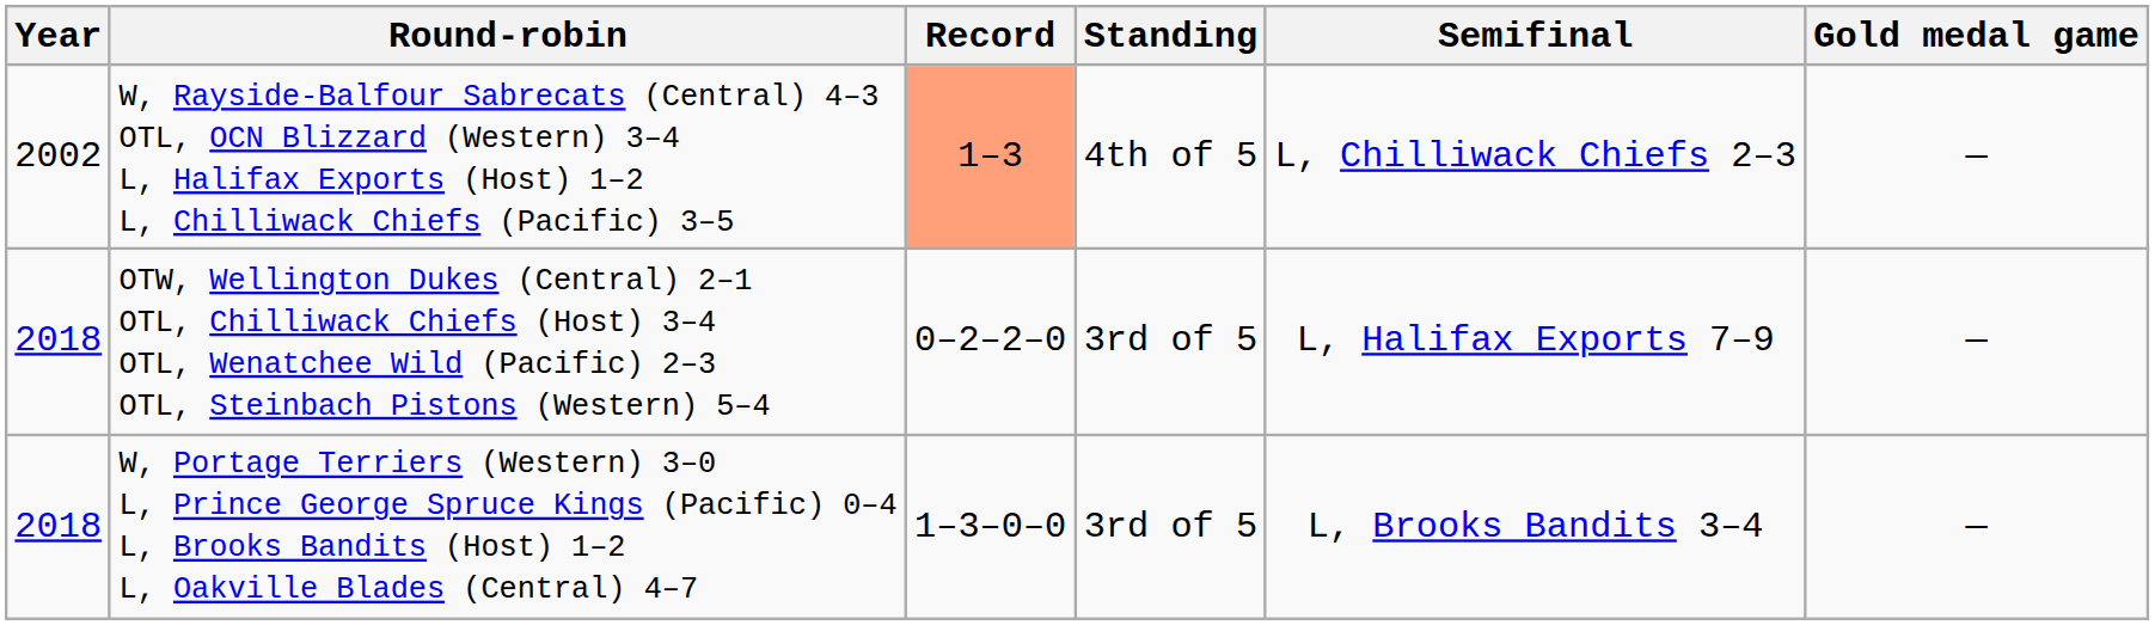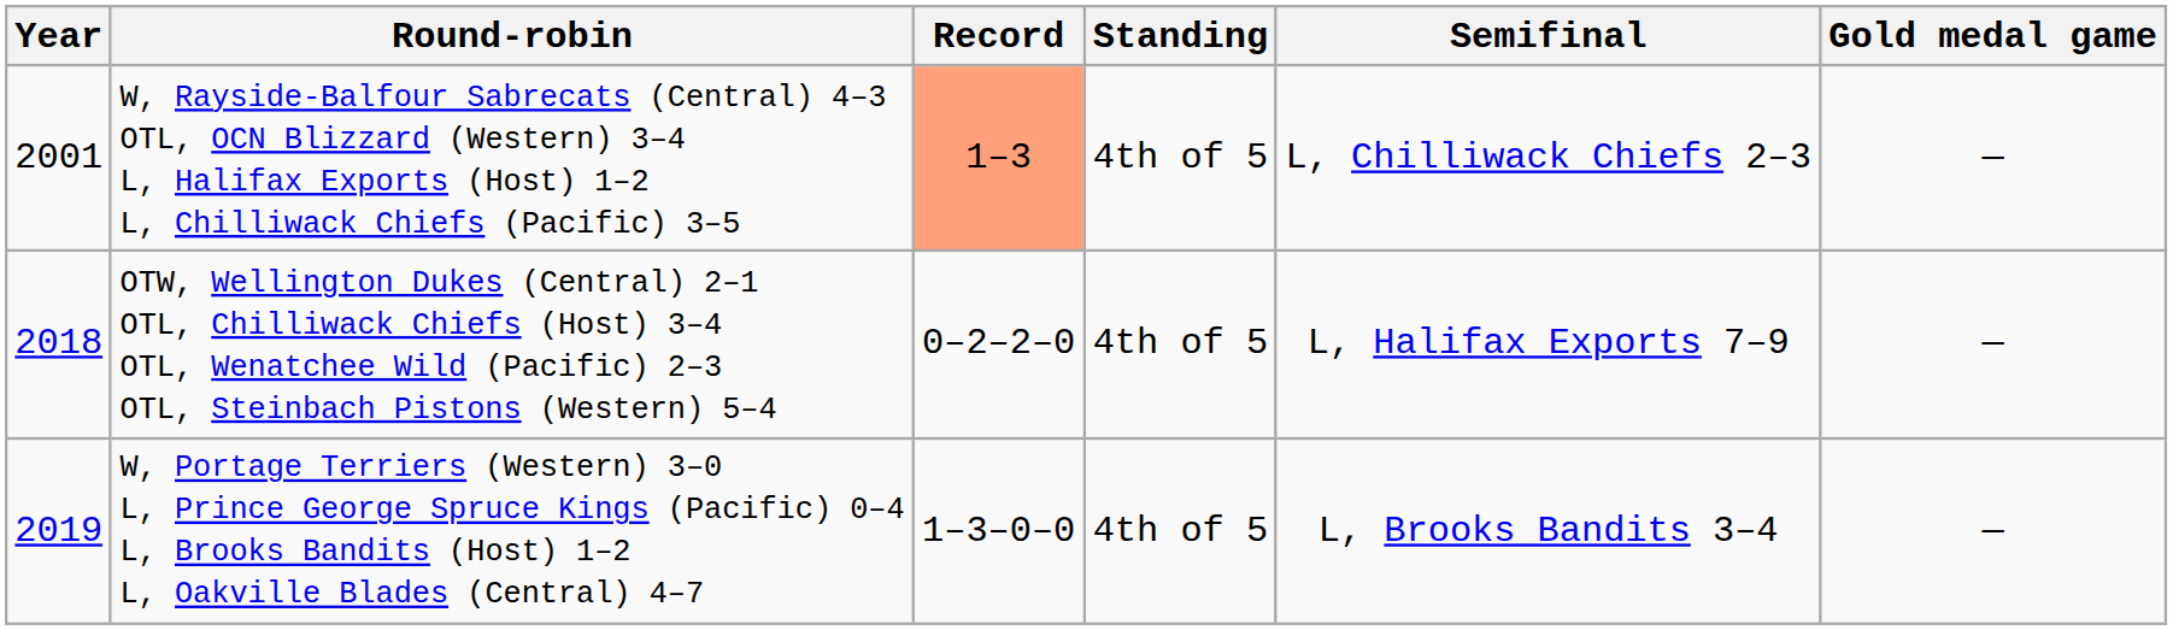 <table class="wikitable" style="text-align:center;">
 <tr>
 <th>Year</th>
 <th>Round-robin</th>
 <th>Record</th>
 <th>Standing</th>
 <th>Semifinal</th>
 <th>Gold medal game</th>
 </tr>
 <tr>
-<td>2002</td>
+<td>2001</td>
 <td align=left><small>W, <a href='#'>Rayside-Balfour Sabrecats</a> (Central) 4–3<br>OTL, <a href='#'>OCN Blizzard</a> (Western) 3–4<br>L, <a href='#'>Halifax Exports</a> (Host) 1–2<br>L, <a href='#'>Chilliwack Chiefs</a> (Pacific) 3–5</small></td>
 <td style="background: lightsalmon;">1–3</td>
 <td>4th of 5</td>
 <td>L, <a href='#'>Chilliwack Chiefs</a> 2–3</td>
 <td>—</td>
 </tr>
 <tr>
 <td><a href='#'>2018</a></td>
 <td align=left><small>OTW, <a href='#'>Wellington Dukes</a> (Central) 2–1<br>OTL, <a href='#'>Chilliwack Chiefs</a> (Host) 3–4<br>OTL, <a href='#'>Wenatchee Wild</a> (Pacific) 2–3<br>OTL, <a href='#'>Steinbach Pistons</a> (Western) 5–4</small></td>
 <td>0–2–2–0</td>
-<td>3rd of 5</td>
+<td>4th of 5</td>
 <td>L, <a href='#'>Halifax Exports</a> 7–9</td>
 <td>—</td>
 </tr>
 <tr>
-<td><a href='#'>2018</a></td>
+<td><a href='#'>2019</a></td>
 <td align=left><small>W, <a href='#'>Portage Terriers</a> (Western) 3–0<br>L, <a href='#'>Prince George Spruce Kings</a> (Pacific) 0–4<br>L, <a href='#'>Brooks Bandits</a> (Host) 1–2<br>L, <a href='#'>Oakville Blades</a> (Central) 4–7</small></td>
 <td>1–3–0–0</td>
-<td>3rd of 5</td>
+<td>4th of 5</td>
 <td>L, <a href='#'>Brooks Bandits</a> 3–4</td>
 <td>—</td>
 </tr>
 </table>
